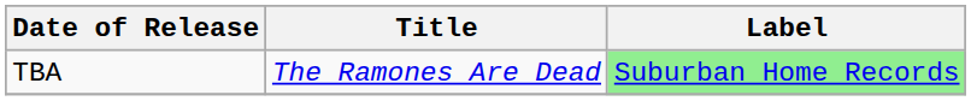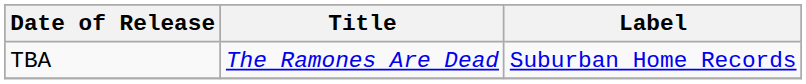 <table class="wikitable">
 <tr>
 <th>Date of Release</th>
 <th>Title</th>
 <th>Label</th>
 </tr>
 <tr>
 <td>TBA</td>
 <td><em><a href='#'>The Ramones Are Dead</a></em></td>
-<td style="background: lightgreen;"><a href='#'>Suburban Home Records</a></td>
+<td><a href='#'>Suburban Home Records</a></td>
 </tr>
 <tr>
 </tr>
 </table>
